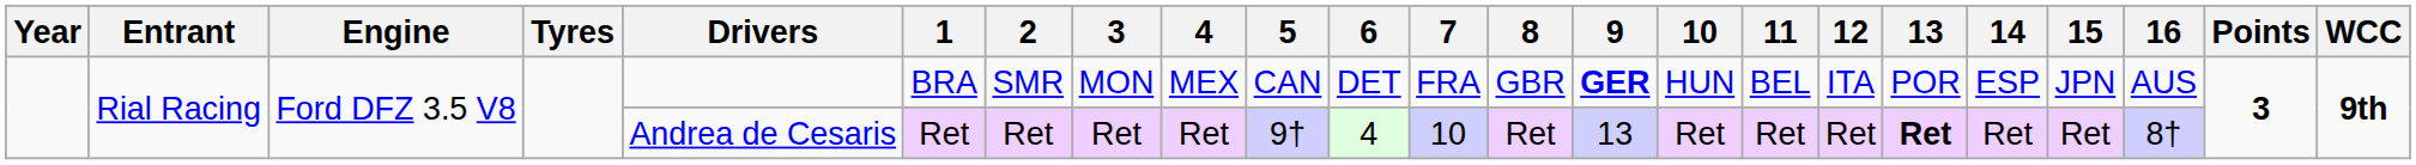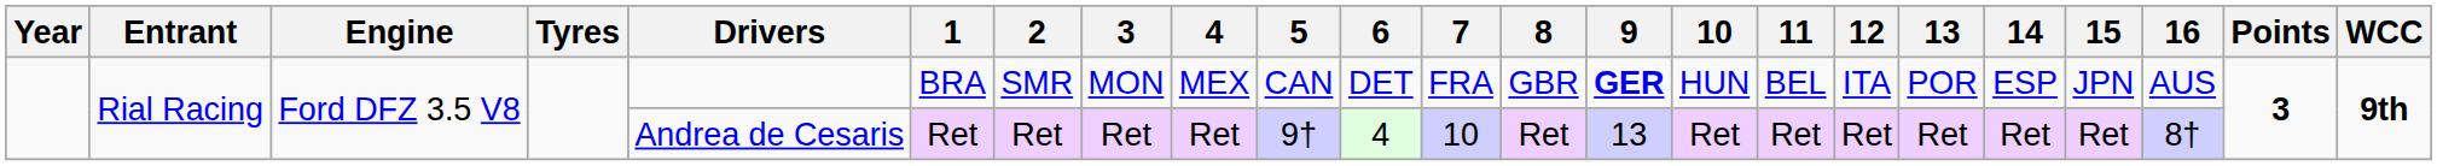 <table class="wikitable" style="text-align:center; font-size:95%">
 <tr>
 <th>Year</th>
 <th>Entrant</th>
 <th>Engine</th>
 <th>Tyres</th>
 <th>Drivers</th>
 <th>1</th>
 <th>2</th>
 <th>3</th>
 <th>4</th>
 <th>5</th>
 <th>6</th>
 <th>7</th>
 <th>8</th>
 <th>9</th>
 <th>10</th>
 <th>11</th>
 <th>12</th>
 <th>13</th>
 <th>14</th>
 <th>15</th>
 <th>16</th>
 <th>Points</th>
 <th>WCC</th>
 </tr>
 <tr>
 <td rowspan="2"></td>
 <td rowspan="2"><a href='#'>Rial Racing</a></td>
 <td rowspan="2"><a href='#'>Ford DFZ</a> 3.5 <a href='#'>V8</a></td>
 <td rowspan="2"></td>
 <td></td>
 <td><a href='#'>BRA</a></td>
 <td><a href='#'>SMR</a></td>
 <td><a href='#'>MON</a></td>
 <td><a href='#'>MEX</a></td>
 <td><a href='#'>CAN</a></td>
 <td><a href='#'>DET</a></td>
 <td><a href='#'>FRA</a></td>
 <td><a href='#'>GBR</a></td>
 <td><strong><a href='#'>GER</a></strong></td>
 <td><a href='#'>HUN</a></td>
 <td><a href='#'>BEL</a></td>
 <td><a href='#'>ITA</a></td>
 <td><a href='#'>POR</a></td>
 <td><a href='#'>ESP</a></td>
 <td><a href='#'>JPN</a></td>
 <td><a href='#'>AUS</a></td>
 <td rowspan="2"><strong>3</strong></td>
 <td rowspan="2"><strong>9th</strong></td>
 </tr>
 <tr>
 <td><a href='#'>Andrea de Cesaris</a></td>
 <td style="background:#efcfff;">Ret</td>
 <td style="background:#efcfff;">Ret</td>
 <td style="background:#efcfff;">Ret</td>
 <td style="background:#efcfff;">Ret</td>
 <td style="background:#cfcfff;">9†</td>
 <td style="background:#dfffdf;">4</td>
 <td style="background:#cfcfff;">10</td>
 <td style="background:#efcfff;">Ret</td>
 <td style="background:#cfcfff;">13</td>
 <td style="background:#efcfff;">Ret</td>
 <td style="background:#efcfff;">Ret</td>
 <td style="background:#efcfff;">Ret</td>
-<td style="background:#efcfff;"><strong>Ret</strong></td>
+<td style="background:#efcfff;">Ret</td>
 <td style="background:#efcfff;">Ret</td>
 <td style="background:#efcfff;">Ret</td>
 <td style="background:#cfcfff;">8†</td>
 </tr>
 </table>
